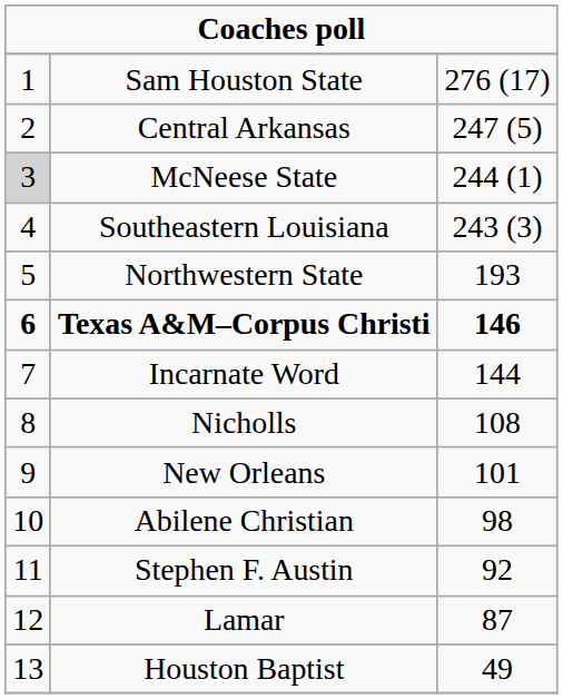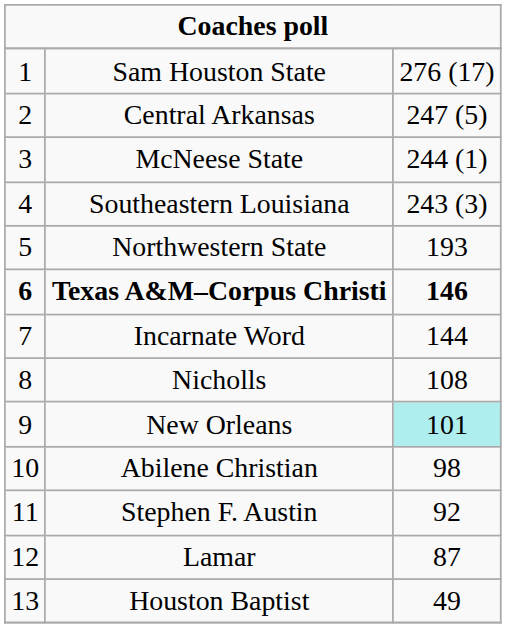 <table class="wikitable">
 <tr align="center">
 <td align="center" Colspan="3"><strong>Coaches poll</strong></td>
 </tr>
 <tr align="center">
 </tr>
 <tr align="center">
 <td>1</td>
 <td>Sam Houston State</td>
 <td>276 (17)</td>
 </tr>
 <tr align="center">
 <td>2</td>
 <td>Central Arkansas</td>
 <td>247 (5)</td>
 </tr>
 <tr align="center">
-<td style="background: lightgrey;">3</td>
+<td>3</td>
 <td>McNeese State</td>
 <td>244 (1)</td>
 </tr>
 <tr align="center">
 <td>4</td>
 <td>Southeastern Louisiana</td>
 <td>243 (3)</td>
 </tr>
 <tr align="center">
 <td>5</td>
 <td>Northwestern State</td>
 <td>193</td>
 </tr>
 <tr align="center">
 <td><strong>6</strong></td>
 <td><strong>Texas A&M–Corpus Christi</strong></td>
 <td><strong>146</strong></td>
 </tr>
 <tr align="center">
 <td>7</td>
 <td>Incarnate Word</td>
 <td>144</td>
 </tr>
 <tr align="center">
 <td>8</td>
 <td>Nicholls</td>
 <td>108</td>
 </tr>
 <tr align="center">
 <td>9</td>
 <td>New Orleans</td>
-<td>101</td>
+<td style="background: paleturquoise;">101</td>
 </tr>
 <tr align="center">
 <td>10</td>
 <td>Abilene Christian</td>
 <td>98</td>
 </tr>
 <tr align="center">
 <td>11</td>
 <td>Stephen F. Austin</td>
 <td>92</td>
 </tr>
 <tr align="center">
 <td>12</td>
 <td>Lamar</td>
 <td>87</td>
 </tr>
 <tr align="center">
 <td>13</td>
 <td>Houston Baptist</td>
 <td>49</td>
 </tr>
 <tr align="center">
 </tr>
 </table>
